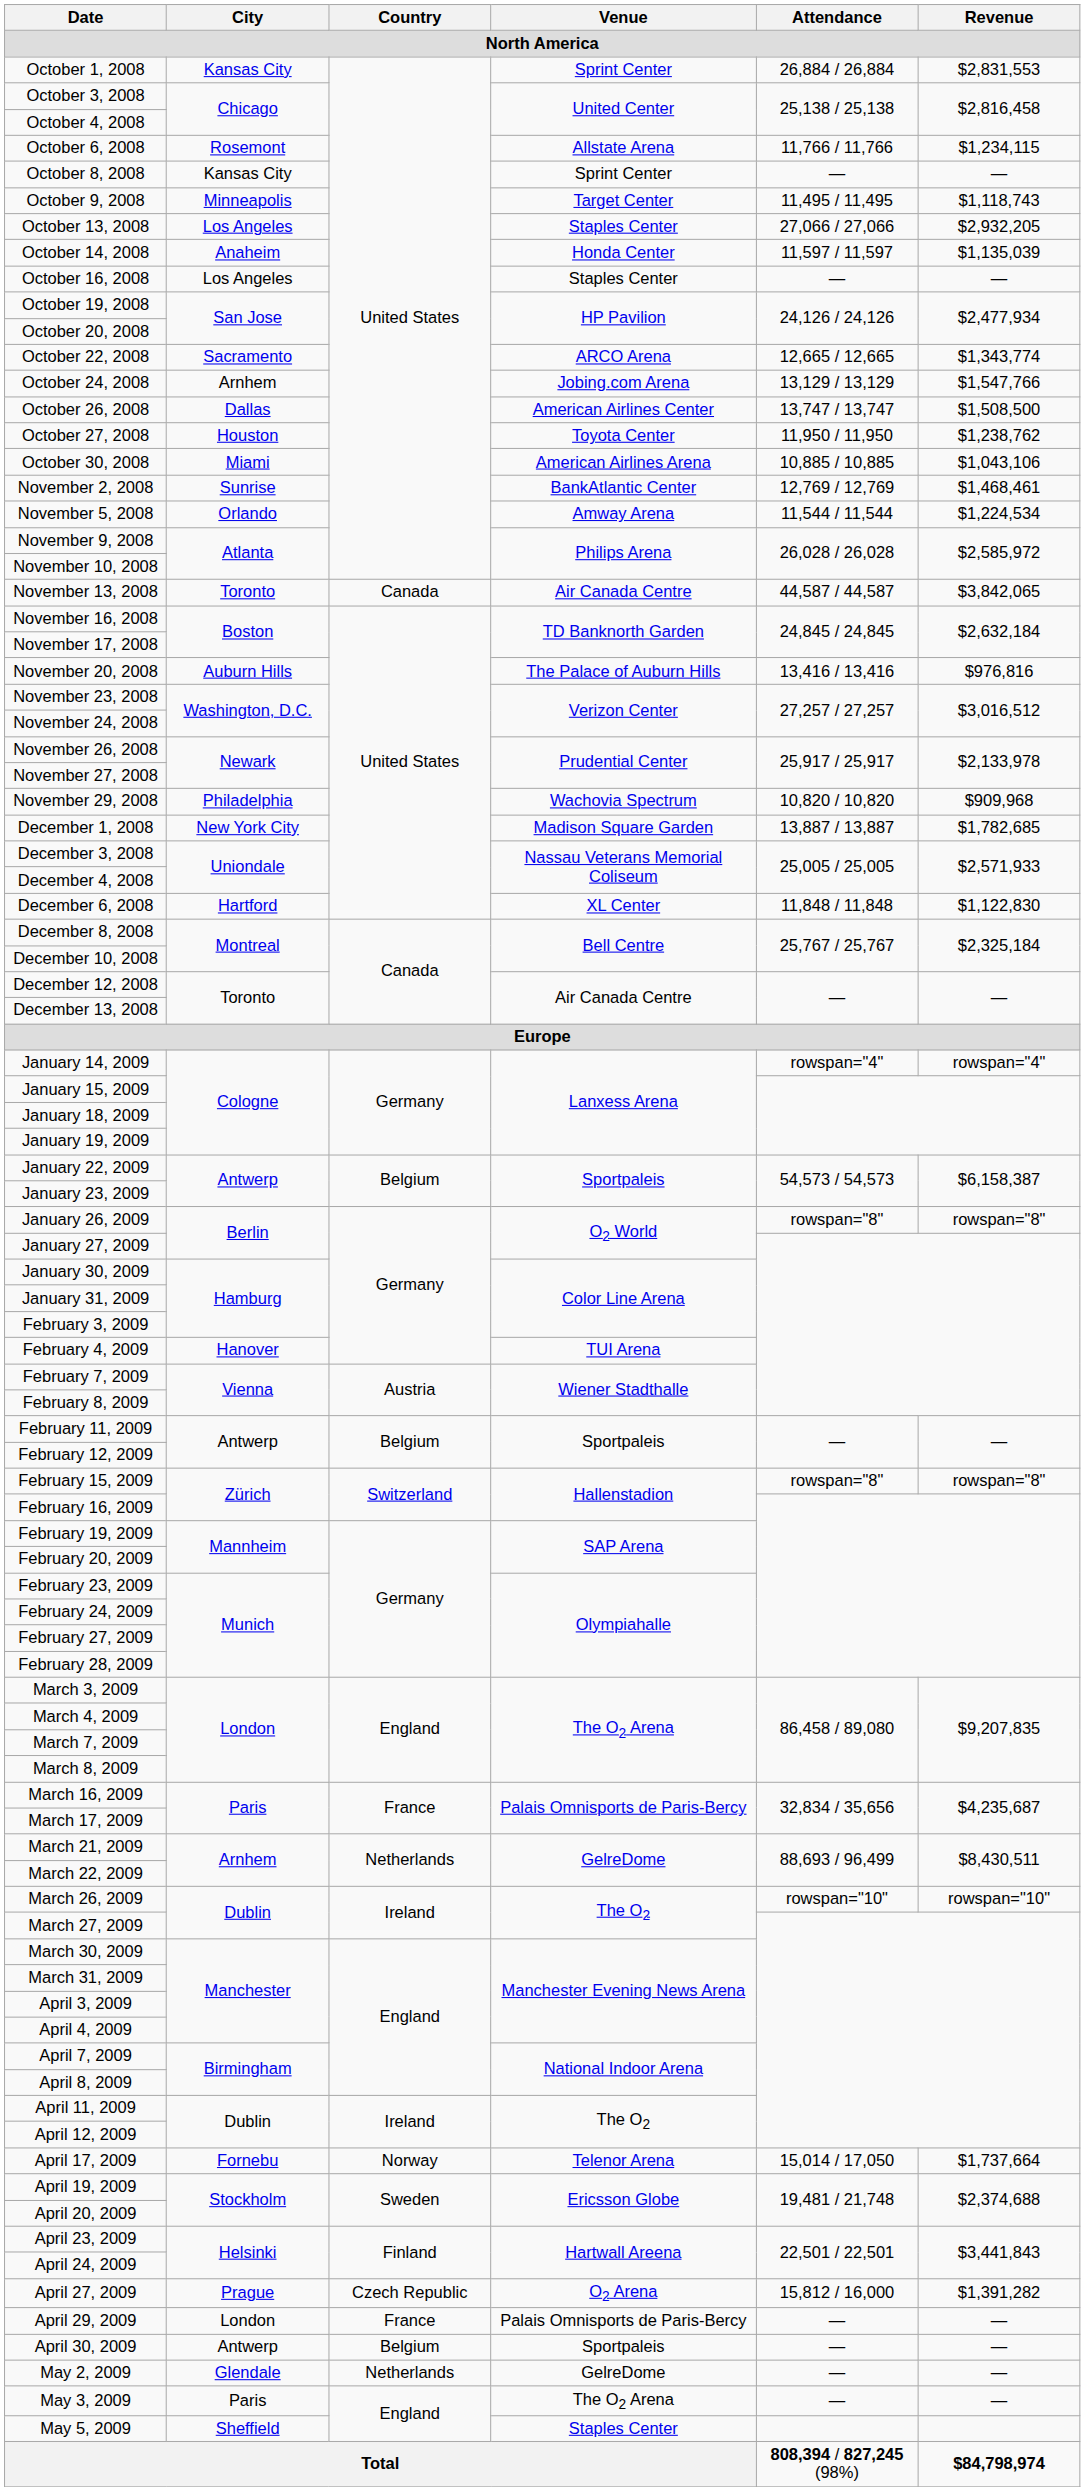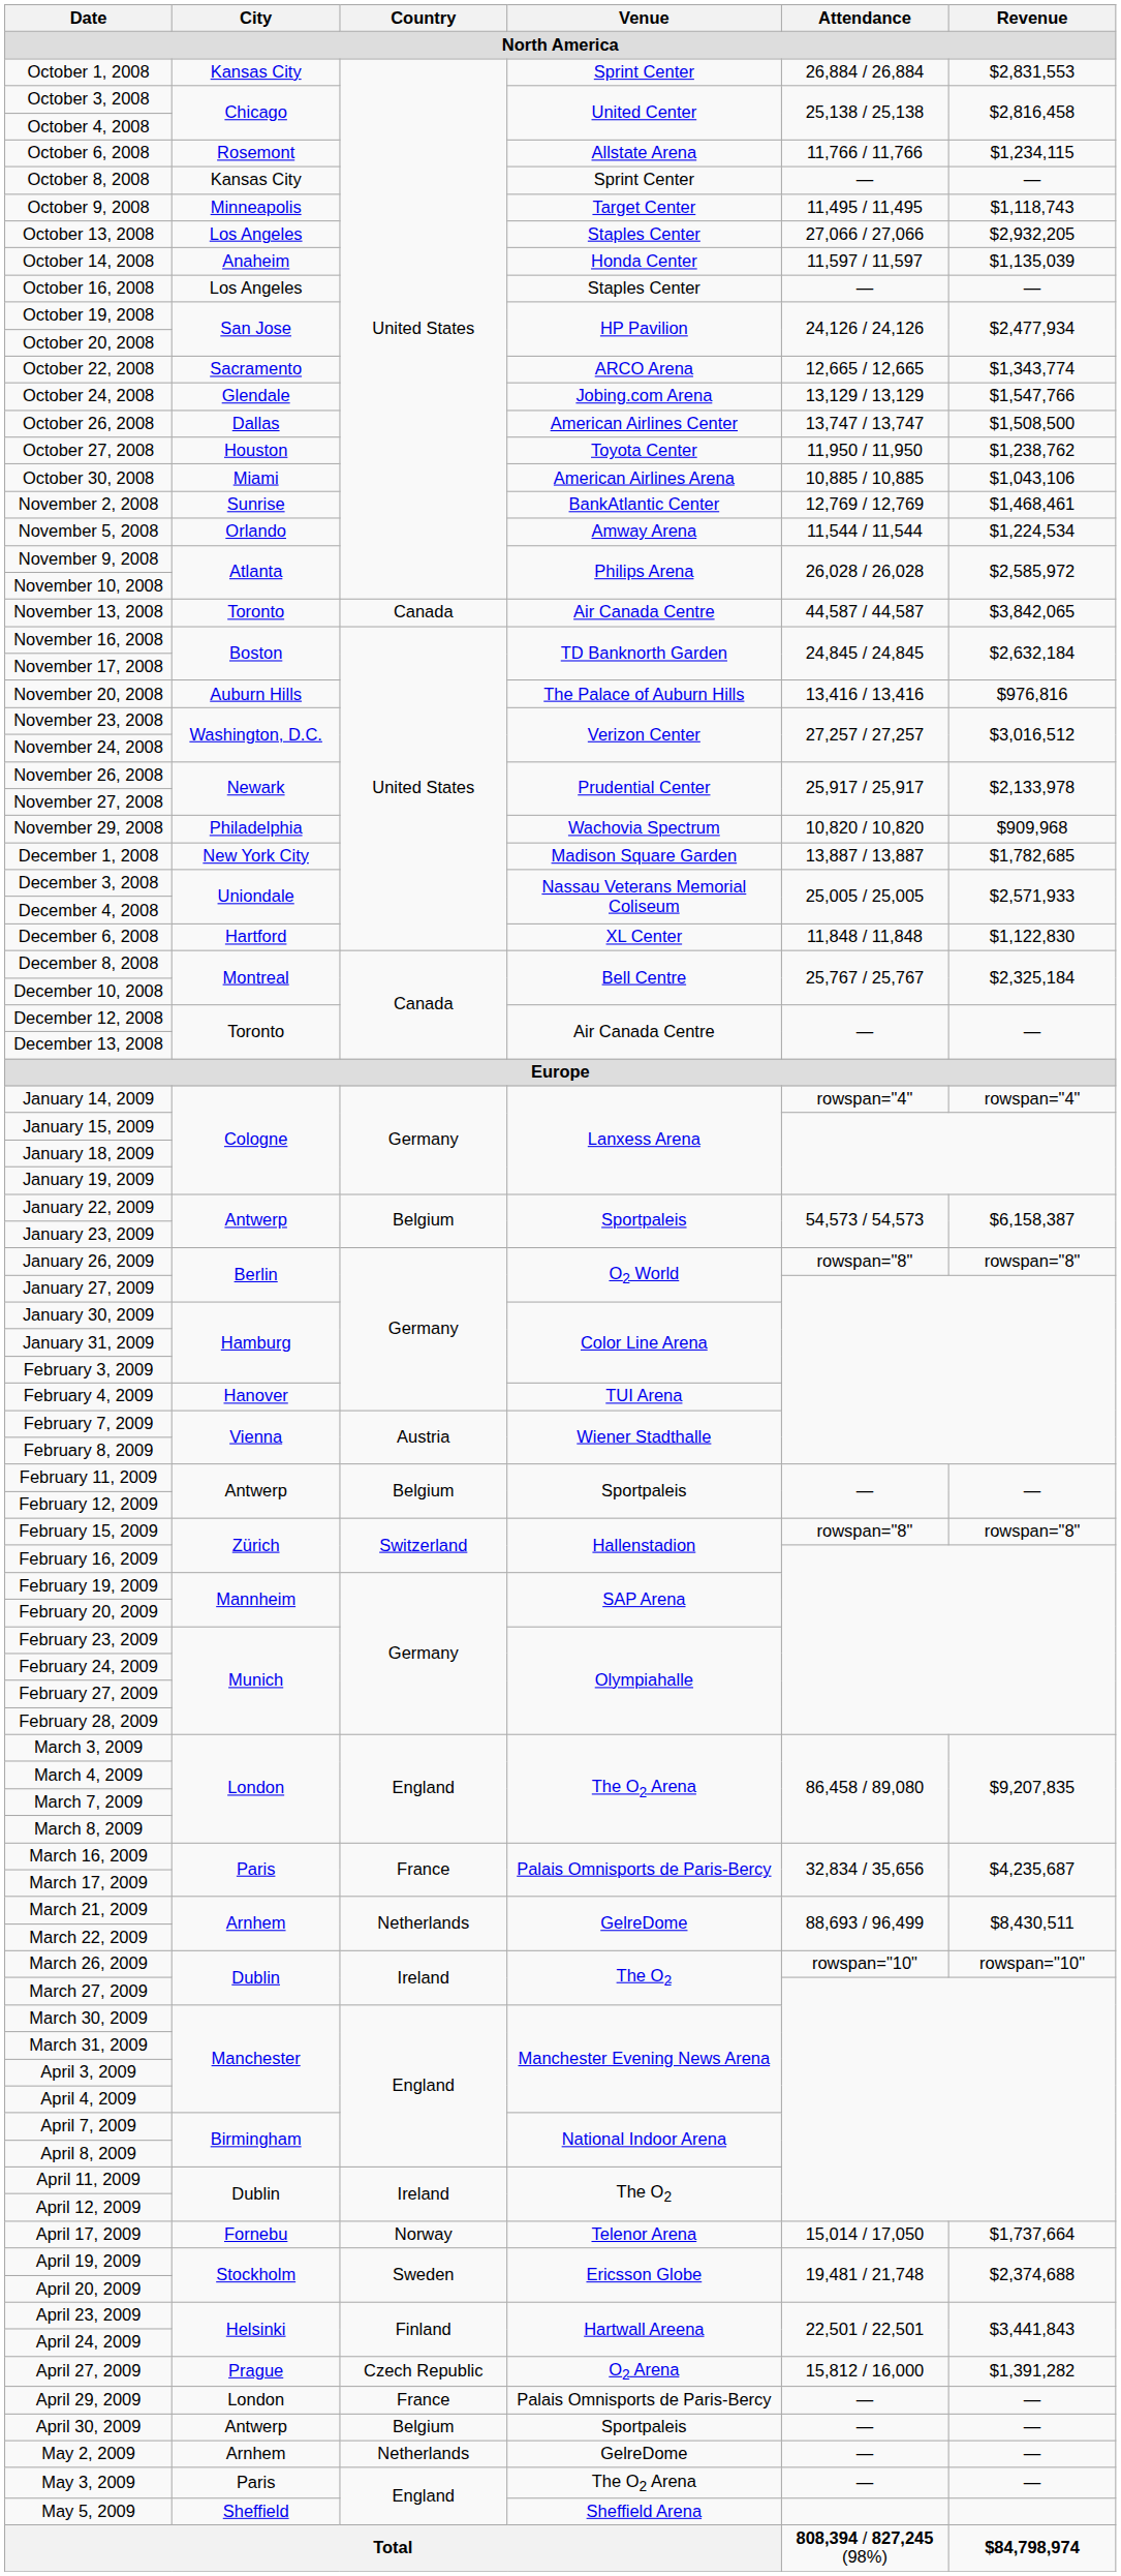 <table class="wikitable" style="text-align:center;">
 <tr>
 <th style="width:150px;">Date</th>
 <th style="width:150px;">City</th>
 <th style="width:150px;">Country</th>
 <th style="width:250px;">Venue</th>
 <th style="width:150px;">Attendance</th>
 <th style="width:150px;">Revenue</th>
 </tr>
 <tr bgcolor="#DDDDDD">
 <td colspan="6"><strong>North America</strong></td>
 </tr>
 <tr>
 <td>October 1, 2008</td>
 <td><a href='#'>Kansas City</a></td>
 <td rowspan="20">United States</td>
 <td><a href='#'>Sprint Center</a></td>
 <td>26,884 / 26,884</td>
 <td>$2,831,553</td>
 </tr>
 <tr>
 <td>October 3, 2008</td>
 <td rowspan="2"><a href='#'>Chicago</a></td>
 <td rowspan="2"><a href='#'>United Center</a></td>
 <td rowspan="2">25,138 / 25,138</td>
 <td rowspan="2">$2,816,458</td>
 </tr>
 <tr>
 <td>October 4, 2008</td>
 </tr>
 <tr>
 <td>October 6, 2008</td>
 <td><a href='#'>Rosemont</a></td>
 <td><a href='#'>Allstate Arena</a></td>
 <td>11,766 / 11,766</td>
 <td>$1,234,115</td>
 </tr>
 <tr>
 <td>October 8, 2008</td>
 <td>Kansas City</td>
 <td>Sprint Center</td>
 <td>—</td>
 <td>—</td>
 </tr>
 <tr>
 <td>October 9, 2008</td>
 <td><a href='#'>Minneapolis</a></td>
 <td><a href='#'>Target Center</a></td>
 <td>11,495 / 11,495</td>
 <td>$1,118,743</td>
 </tr>
 <tr>
 <td>October 13, 2008</td>
 <td><a href='#'>Los Angeles</a></td>
 <td><a href='#'>Staples Center</a></td>
 <td>27,066 / 27,066</td>
 <td>$2,932,205</td>
 </tr>
 <tr>
 <td>October 14, 2008</td>
 <td><a href='#'>Anaheim</a></td>
 <td><a href='#'>Honda Center</a></td>
 <td>11,597 / 11,597</td>
 <td>$1,135,039</td>
 </tr>
 <tr>
 <td>October 16, 2008</td>
 <td>Los Angeles</td>
 <td>Staples Center</td>
 <td>—</td>
 <td>—</td>
 </tr>
 <tr>
 <td>October 19, 2008</td>
 <td rowspan="2"><a href='#'>San Jose</a></td>
 <td rowspan="2"><a href='#'>HP Pavilion</a></td>
 <td rowspan="2">24,126 / 24,126</td>
 <td rowspan="2">$2,477,934</td>
 </tr>
 <tr>
 <td>October 20, 2008</td>
 </tr>
 <tr>
 <td>October 22, 2008</td>
 <td><a href='#'>Sacramento</a></td>
 <td><a href='#'>ARCO Arena</a></td>
 <td>12,665 / 12,665</td>
 <td>$1,343,774</td>
 </tr>
 <tr>
 <td>October 24, 2008</td>
-<td>Arnhem</td>
+<td><a href='#'>Glendale</a></td>
 <td><a href='#'>Jobing.com Arena</a></td>
 <td>13,129 / 13,129</td>
 <td>$1,547,766</td>
 </tr>
 <tr>
 <td>October 26, 2008</td>
 <td><a href='#'>Dallas</a></td>
 <td><a href='#'>American Airlines Center</a></td>
 <td>13,747 / 13,747</td>
 <td>$1,508,500</td>
 </tr>
 <tr>
 <td>October 27, 2008</td>
 <td><a href='#'>Houston</a></td>
 <td><a href='#'>Toyota Center</a></td>
 <td>11,950 / 11,950</td>
 <td>$1,238,762</td>
 </tr>
 <tr>
 <td>October 30, 2008</td>
 <td><a href='#'>Miami</a></td>
 <td><a href='#'>American Airlines Arena</a></td>
 <td>10,885 / 10,885</td>
 <td>$1,043,106</td>
 </tr>
 <tr>
 <td>November 2, 2008</td>
 <td><a href='#'>Sunrise</a></td>
 <td><a href='#'>BankAtlantic Center</a></td>
 <td>12,769 / 12,769</td>
 <td>$1,468,461</td>
 </tr>
 <tr>
 <td>November 5, 2008</td>
 <td><a href='#'>Orlando</a></td>
 <td><a href='#'>Amway Arena</a></td>
 <td>11,544 / 11,544</td>
 <td>$1,224,534</td>
 </tr>
 <tr>
 <td>November 9, 2008</td>
 <td rowspan="2"><a href='#'>Atlanta</a></td>
 <td rowspan="2"><a href='#'>Philips Arena</a></td>
 <td rowspan="2">26,028 / 26,028</td>
 <td rowspan="2">$2,585,972</td>
 </tr>
 <tr>
 <td>November 10, 2008</td>
 </tr>
 <tr>
 <td>November 13, 2008</td>
 <td><a href='#'>Toronto</a></td>
 <td>Canada</td>
 <td><a href='#'>Air Canada Centre</a></td>
 <td>44,587 / 44,587</td>
 <td>$3,842,065</td>
 </tr>
 <tr>
 <td>November 16, 2008</td>
 <td rowspan="2"><a href='#'>Boston</a></td>
 <td rowspan="12">United States</td>
 <td rowspan="2"><a href='#'>TD Banknorth Garden</a></td>
 <td rowspan="2">24,845 / 24,845</td>
 <td rowspan="2">$2,632,184</td>
 </tr>
 <tr>
 <td>November 17, 2008</td>
 </tr>
 <tr>
 <td>November 20, 2008</td>
 <td><a href='#'>Auburn Hills</a></td>
 <td><a href='#'>The Palace of Auburn Hills</a></td>
 <td>13,416 / 13,416</td>
 <td>$976,816</td>
 </tr>
 <tr>
 <td>November 23, 2008</td>
 <td rowspan="2"><a href='#'>Washington, D.C.</a></td>
 <td rowspan="2"><a href='#'>Verizon Center</a></td>
 <td rowspan="2">27,257 / 27,257</td>
 <td rowspan="2">$3,016,512</td>
 </tr>
 <tr>
 <td>November 24, 2008</td>
 </tr>
 <tr>
 <td>November 26, 2008</td>
 <td rowspan="2"><a href='#'>Newark</a></td>
 <td rowspan="2"><a href='#'>Prudential Center</a></td>
 <td rowspan="2">25,917 / 25,917</td>
 <td rowspan="2">$2,133,978</td>
 </tr>
 <tr>
 <td>November 27, 2008</td>
 </tr>
 <tr>
 <td>November 29, 2008</td>
 <td><a href='#'>Philadelphia</a></td>
 <td><a href='#'>Wachovia Spectrum</a></td>
 <td>10,820 / 10,820</td>
 <td>$909,968</td>
 </tr>
 <tr>
 <td>December 1, 2008</td>
 <td><a href='#'>New York City</a></td>
 <td><a href='#'>Madison Square Garden</a></td>
 <td>13,887 / 13,887</td>
 <td>$1,782,685</td>
 </tr>
 <tr>
 <td>December 3, 2008</td>
 <td rowspan="2"><a href='#'>Uniondale</a></td>
 <td rowspan="2"><a href='#'>Nassau Veterans Memorial Coliseum</a></td>
 <td rowspan="2">25,005 / 25,005</td>
 <td rowspan="2">$2,571,933</td>
 </tr>
 <tr>
 <td>December 4, 2008</td>
 </tr>
 <tr>
 <td>December 6, 2008</td>
 <td><a href='#'>Hartford</a></td>
 <td><a href='#'>XL Center</a></td>
 <td>11,848 / 11,848</td>
 <td>$1,122,830</td>
 </tr>
 <tr>
 <td>December 8, 2008</td>
 <td rowspan="2"><a href='#'>Montreal</a></td>
 <td rowspan="4">Canada</td>
 <td rowspan="2"><a href='#'>Bell Centre</a></td>
 <td rowspan="2">25,767 / 25,767</td>
 <td rowspan="2">$2,325,184</td>
 </tr>
 <tr>
 <td>December 10, 2008</td>
 </tr>
 <tr>
 <td>December 12, 2008</td>
 <td rowspan="2">Toronto</td>
 <td rowspan="2">Air Canada Centre</td>
 <td rowspan="2">—</td>
 <td rowspan="2">—</td>
 </tr>
 <tr>
 <td>December 13, 2008</td>
 </tr>
 <tr bgcolor="#DDDDDD">
 <td colspan="6"><strong>Europe</strong></td>
 </tr>
 <tr>
 <td>January 14, 2009</td>
 <td rowspan="4"><a href='#'>Cologne</a></td>
 <td rowspan="4">Germany</td>
 <td rowspan="4"><a href='#'>Lanxess Arena</a></td>
 <td>rowspan="4" </td>
 <td>rowspan="4" </td>
 </tr>
 <tr>
 <td>January 15, 2009</td>
 </tr>
 <tr>
 <td>January 18, 2009</td>
 </tr>
 <tr>
 <td>January 19, 2009</td>
 </tr>
 <tr>
 <td>January 22, 2009</td>
 <td rowspan="2"><a href='#'>Antwerp</a></td>
 <td rowspan="2">Belgium</td>
 <td rowspan="2"><a href='#'>Sportpaleis</a></td>
 <td rowspan="2">54,573 / 54,573</td>
 <td rowspan="2">$6,158,387</td>
 </tr>
 <tr>
 <td>January 23, 2009</td>
 </tr>
 <tr>
 <td>January 26, 2009</td>
 <td rowspan="2"><a href='#'>Berlin</a></td>
 <td rowspan="6">Germany</td>
 <td rowspan="2"><a href='#'>O<sub>2</sub> World</a></td>
 <td>rowspan="8" </td>
 <td>rowspan="8" </td>
 </tr>
 <tr>
 <td>January 27, 2009</td>
 </tr>
 <tr>
 <td>January 30, 2009</td>
 <td rowspan="3"><a href='#'>Hamburg</a></td>
 <td rowspan="3"><a href='#'>Color Line Arena</a></td>
 </tr>
 <tr>
 <td>January 31, 2009</td>
 </tr>
 <tr>
 <td>February 3, 2009</td>
 </tr>
 <tr>
 <td>February 4, 2009</td>
 <td><a href='#'>Hanover</a></td>
 <td><a href='#'>TUI Arena</a></td>
 </tr>
 <tr>
 <td>February 7, 2009</td>
 <td rowspan="2"><a href='#'>Vienna</a></td>
 <td rowspan="2">Austria</td>
 <td rowspan="2"><a href='#'>Wiener Stadthalle</a></td>
 </tr>
 <tr>
 <td>February 8, 2009</td>
 </tr>
 <tr>
 <td>February 11, 2009</td>
 <td rowspan="2">Antwerp</td>
 <td rowspan="2">Belgium</td>
 <td rowspan="2">Sportpaleis</td>
 <td rowspan="2">—</td>
 <td rowspan="2">—</td>
 </tr>
 <tr>
 <td>February 12, 2009</td>
 </tr>
 <tr>
 <td>February 15, 2009</td>
 <td rowspan="2"><a href='#'>Zürich</a></td>
 <td rowspan="2"><a href='#'>Switzerland</a></td>
 <td rowspan="2"><a href='#'>Hallenstadion</a></td>
 <td>rowspan="8" </td>
 <td>rowspan="8" </td>
 </tr>
 <tr>
 <td>February 16, 2009</td>
 </tr>
 <tr>
 <td>February 19, 2009</td>
 <td rowspan="2"><a href='#'>Mannheim</a></td>
 <td rowspan="6">Germany</td>
 <td rowspan="2"><a href='#'>SAP Arena</a></td>
 </tr>
 <tr>
 <td>February 20, 2009</td>
 </tr>
 <tr>
 <td>February 23, 2009</td>
 <td rowspan="4"><a href='#'>Munich</a></td>
 <td rowspan="4"><a href='#'>Olympiahalle</a></td>
 </tr>
 <tr>
 <td>February 24, 2009</td>
 </tr>
 <tr>
 <td>February 27, 2009</td>
 </tr>
 <tr>
 <td>February 28, 2009</td>
 </tr>
 <tr>
 <td>March 3, 2009</td>
 <td rowspan="4"><a href='#'>London</a></td>
 <td rowspan="4">England</td>
 <td rowspan="4"><a href='#'>The O<sub>2</sub> Arena</a></td>
 <td rowspan="4">86,458 / 89,080</td>
 <td rowspan="4">$9,207,835</td>
 </tr>
 <tr>
 <td>March 4, 2009</td>
 </tr>
 <tr>
 <td>March 7, 2009</td>
 </tr>
 <tr>
 <td>March 8, 2009</td>
 </tr>
 <tr>
 <td>March 16, 2009</td>
 <td rowspan="2"><a href='#'>Paris</a></td>
 <td rowspan="2">France</td>
 <td rowspan="2"><a href='#'>Palais Omnisports de Paris-Bercy</a></td>
 <td rowspan="2">32,834 / 35,656</td>
 <td rowspan="2">$4,235,687</td>
 </tr>
 <tr>
 <td>March 17, 2009</td>
 </tr>
 <tr>
 <td>March 21, 2009</td>
 <td rowspan="2"><a href='#'>Arnhem</a></td>
 <td rowspan="2">Netherlands</td>
 <td rowspan="2"><a href='#'>GelreDome</a></td>
 <td rowspan="2">88,693 / 96,499</td>
 <td rowspan="2">$8,430,511</td>
 </tr>
 <tr>
 <td>March 22, 2009</td>
 </tr>
 <tr>
 <td>March 26, 2009</td>
 <td rowspan="2"><a href='#'>Dublin</a></td>
 <td rowspan="2">Ireland</td>
 <td rowspan="2"><a href='#'>The O<sub>2</sub></a></td>
 <td>rowspan="10" </td>
 <td>rowspan="10" </td>
 </tr>
 <tr>
 <td>March 27, 2009</td>
 </tr>
 <tr>
 <td>March 30, 2009</td>
 <td rowspan="4"><a href='#'>Manchester</a></td>
 <td rowspan="6">England</td>
 <td rowspan="4"><a href='#'>Manchester Evening News Arena</a></td>
 </tr>
 <tr>
 <td>March 31, 2009</td>
 </tr>
 <tr>
 <td>April 3, 2009</td>
 </tr>
 <tr>
 <td>April 4, 2009</td>
 </tr>
 <tr>
 <td>April 7, 2009</td>
 <td rowspan="2"><a href='#'>Birmingham</a></td>
 <td rowspan="2"><a href='#'>National Indoor Arena</a></td>
 </tr>
 <tr>
 <td>April 8, 2009</td>
 </tr>
 <tr>
 <td>April 11, 2009</td>
 <td rowspan="2">Dublin</td>
 <td rowspan="2">Ireland</td>
 <td rowspan="2">The O<sub>2</sub></td>
 </tr>
 <tr>
 <td>April 12, 2009</td>
 </tr>
 <tr>
 <td>April 17, 2009</td>
 <td><a href='#'>Fornebu</a></td>
 <td>Norway</td>
 <td><a href='#'>Telenor Arena</a></td>
 <td>15,014 / 17,050</td>
 <td>$1,737,664</td>
 </tr>
 <tr>
 <td>April 19, 2009</td>
 <td rowspan="2"><a href='#'>Stockholm</a></td>
 <td rowspan="2">Sweden</td>
 <td rowspan="2"><a href='#'>Ericsson Globe</a></td>
 <td rowspan="2">19,481 / 21,748</td>
 <td rowspan="2">$2,374,688</td>
 </tr>
 <tr>
 <td>April 20, 2009</td>
 </tr>
 <tr>
 <td>April 23, 2009</td>
 <td rowspan="2"><a href='#'>Helsinki</a></td>
 <td rowspan="2">Finland</td>
 <td rowspan="2"><a href='#'>Hartwall Areena</a></td>
 <td rowspan="2">22,501 / 22,501</td>
 <td rowspan="2">$3,441,843</td>
 </tr>
 <tr>
 <td>April 24, 2009</td>
 </tr>
 <tr>
 <td>April 27, 2009</td>
 <td><a href='#'>Prague</a></td>
 <td>Czech Republic</td>
 <td><a href='#'>O<sub>2</sub> Arena</a></td>
 <td>15,812 / 16,000</td>
 <td>$1,391,282</td>
 </tr>
 <tr>
 <td>April 29, 2009</td>
 <td>London</td>
 <td>France</td>
 <td>Palais Omnisports de Paris-Bercy</td>
 <td>—</td>
 <td>—</td>
 </tr>
 <tr>
 <td>April 30, 2009</td>
 <td>Antwerp</td>
 <td>Belgium</td>
 <td>Sportpaleis</td>
 <td>—</td>
 <td>—</td>
 </tr>
 <tr>
 <td>May 2, 2009</td>
-<td><a href='#'>Glendale</a></td>
+<td>Arnhem</td>
 <td>Netherlands</td>
 <td>GelreDome</td>
 <td>—</td>
 <td>—</td>
 </tr>
 <tr>
 <td>May 3, 2009</td>
 <td>Paris</td>
 <td rowspan="2">England</td>
 <td>The O<sub>2</sub> Arena</td>
 <td>—</td>
 <td>—</td>
 </tr>
 <tr>
 <td>May 5, 2009</td>
 <td><a href='#'>Sheffield</a></td>
-<td><a href='#'>Staples Center</a></td>
+<td><a href='#'>Sheffield Arena</a></td>
 <td></td>
 <td></td>
 </tr>
 <tr>
 <th colspan="4">Total</th>
 <td><strong>808,394</strong> / <strong>827,245</strong> (98%)</td>
 <td><strong>$84,798,974</strong></td>
 </tr>
 </table>
